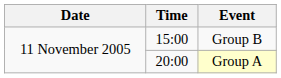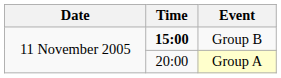 <table class = "wikitable" style="text-align:center;">
 <tr>
 <th width=150>Date</th>
 <th width=50>Time</th>
 <th width=80>Event</th>
 </tr>
 <tr>
 <td rowspan=2>11 November 2005</td>
-<td>15:00</td>
+<td><strong>15:00</strong></td>
 <td>Group B</td>
 </tr>
 <tr>
 <td>20:00</td>
 <td bgcolor=ffffcc>Group A</td>
 </tr>
 </table>
